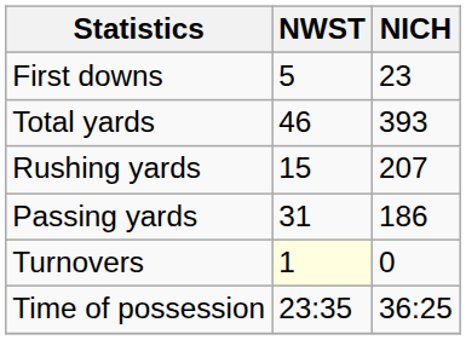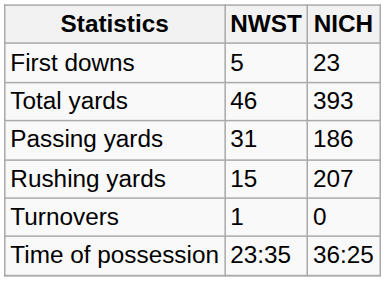 <table class="wikitable" style="float: left;">
 <tr>
 <th>Statistics</th>
 <th>NWST</th>
 <th>NICH</th>
 </tr>
 <tr>
 <td>First downs</td>
 <td>5</td>
 <td>23</td>
 </tr>
 <tr>
 <td>Total yards</td>
 <td>46</td>
 <td>393</td>
 </tr>
 <tr>
+<td>Passing yards</td>
+<td>31</td>
+<td>186</td>
+</tr>
+<tr>
 <td>Rushing yards</td>
 <td>15</td>
 <td>207</td>
 </tr>
 <tr>
-<td>Passing yards</td>
-<td>31</td>
-<td>186</td>
-</tr>
-<tr>
 <td>Turnovers</td>
-<td style="background: lightyellow;">1</td>
+<td>1</td>
 <td>0</td>
 </tr>
 <tr>
 <td>Time of possession</td>
 <td>23:35</td>
 <td>36:25</td>
 </tr>
 <tr>
 </tr>
 </table>
